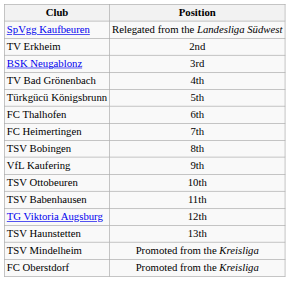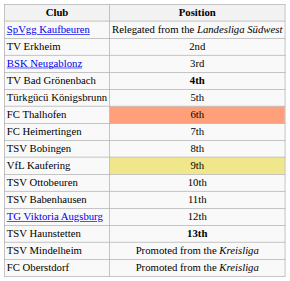 <table class="wikitable sortable" style="text-align:center">
 <tr>
 <th>Club</th>
 <th>Position</th>
 </tr>
 <tr>
 <td style="text-align:left;"><a href='#'>SpVgg Kaufbeuren</a></td>
 <td>Relegated from the <em>Landesliga Südwest</em></td>
 </tr>
 <tr>
 <td style="text-align:left;">TV Erkheim</td>
 <td>2nd</td>
 </tr>
 <tr>
 <td style="text-align:left;"><a href='#'>BSK Neugablonz</a></td>
 <td>3rd</td>
 </tr>
 <tr>
 <td style="text-align:left;">TV Bad Grönenbach</td>
-<td>4th</td>
+<td><strong>4th</strong></td>
 </tr>
 <tr>
 <td style="text-align:left;">Türkgücü Königsbrunn</td>
 <td>5th</td>
 </tr>
 <tr>
 <td style="text-align:left;">FC Thalhofen</td>
-<td>6th</td>
+<td style="background: lightsalmon;">6th</td>
 </tr>
 <tr>
 <td style="text-align:left;">FC Heimertingen</td>
 <td>7th</td>
 </tr>
 <tr>
 <td style="text-align:left;">TSV Bobingen</td>
 <td>8th</td>
 </tr>
 <tr>
 <td style="text-align:left;">VfL Kaufering</td>
-<td>9th</td>
+<td style="background: khaki;">9th</td>
 </tr>
 <tr>
 <td style="text-align:left;">TSV Ottobeuren</td>
 <td>10th</td>
 </tr>
 <tr>
 <td style="text-align:left;">TSV Babenhausen</td>
 <td>11th</td>
 </tr>
 <tr>
 <td style="text-align:left;"><a href='#'>TG Viktoria Augsburg</a></td>
 <td>12th</td>
 </tr>
 <tr>
 <td style="text-align:left;">TSV Haunstetten</td>
-<td>13th</td>
+<td><strong>13th</strong></td>
 </tr>
 <tr>
 <td style="text-align:left;">TSV Mindelheim</td>
 <td>Promoted from the <em>Kreisliga</em></td>
 </tr>
 <tr>
 <td style="text-align:left;">FC Oberstdorf</td>
 <td>Promoted from the <em>Kreisliga</em></td>
 </tr>
 </table>
